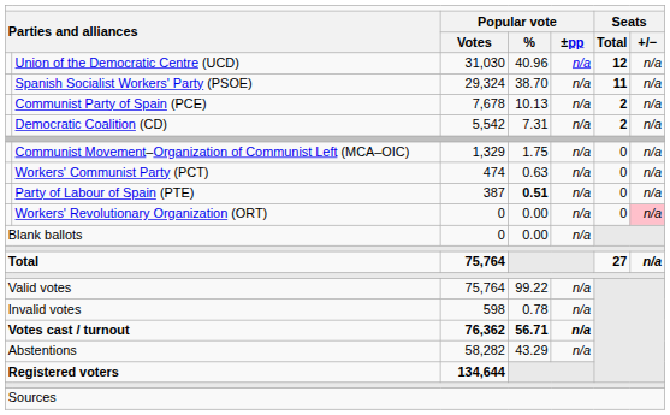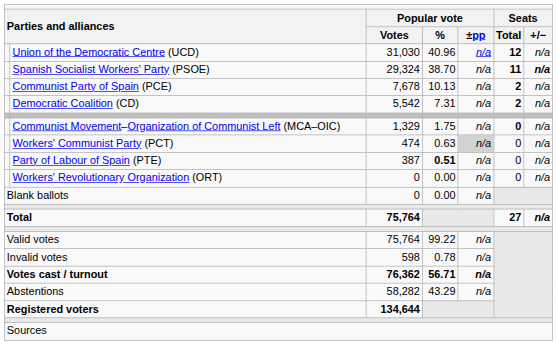 <table class="wikitable" style="text-align:right;">
 <tr>
 <td colspan="7"></td>
 </tr>
 <tr>
 <th style="text-align:left;" rowspan="2" colspan="2" width="525">Parties and alliances</th>
 <th colspan="3">Popular vote</th>
 <th colspan="2">Seats</th>
 </tr>
 <tr>
 <th width="75">Votes</th>
 <th width="45">%</th>
 <th width="45">±<a href='#'>pp</a></th>
 <th width="35">Total</th>
 <th width="35">+/−</th>
 </tr>
 <tr>
 <td width="1" style="color:inherit;background:"></td>
 <td align="left"><a href='#'>Union of the Democratic Centre</a> (UCD)</td>
 <td>31,030</td>
 <td>40.96</td>
 <td><em><a href='#'>n/a</a></em></td>
 <td><strong>12</strong></td>
 <td><em>n/a</em></td>
 </tr>
 <tr>
 <td style="color:inherit;background:"></td>
 <td align="left"><a href='#'>Spanish Socialist Workers' Party</a> (PSOE)</td>
 <td>29,324</td>
 <td>38.70</td>
 <td><em>n/a</em></td>
 <td><strong>11</strong></td>
-<td><em>n/a</em></td>
+<td><strong><em>n/a</em></strong></td>
 </tr>
 <tr>
 <td style="color:inherit;background:"></td>
 <td align="left"><a href='#'>Communist Party of Spain</a> (PCE)</td>
 <td>7,678</td>
 <td>10.13</td>
 <td><em>n/a</em></td>
 <td><strong>2</strong></td>
 <td><em>n/a</em></td>
 </tr>
 <tr>
 <td style="color:inherit;background:"></td>
 <td align="left"><a href='#'>Democratic Coalition</a> (CD)</td>
 <td>5,542</td>
 <td>7.31</td>
 <td><em>n/a</em></td>
 <td><strong>2</strong></td>
 <td><em>n/a</em></td>
 </tr>
 <tr>
 <td colspan="7" bgcolor="#C0C0C0"></td>
 </tr>
 <tr>
 <td style="color:inherit;background:"></td>
 <td align="left"><a href='#'>Communist Movement</a>–<a href='#'>Organization of Communist Left</a> (MCA–OIC)</td>
 <td>1,329</td>
 <td>1.75</td>
 <td><em>n/a</em></td>
-<td>0</td>
+<td><strong>0</strong></td>
 <td><em>n/a</em></td>
 </tr>
 <tr>
 <td style="color:inherit;background:"></td>
 <td align="left"><a href='#'>Workers' Communist Party</a> (PCT)</td>
 <td>474</td>
 <td>0.63</td>
-<td><em>n/a</em></td>
+<td style="background: lightgrey;"><em>n/a</em></td>
 <td>0</td>
 <td><em>n/a</em></td>
 </tr>
 <tr>
 <td style="color:inherit;background:"></td>
 <td align="left"><a href='#'>Party of Labour of Spain</a> (PTE)</td>
 <td>387</td>
 <td><strong>0.51</strong></td>
 <td><em>n/a</em></td>
 <td>0</td>
 <td><em>n/a</em></td>
 </tr>
 <tr>
 <td style="color:inherit;background:"></td>
 <td align="left"><a href='#'>Workers' Revolutionary Organization</a> (ORT)</td>
 <td>0</td>
 <td>0.00</td>
 <td><em>n/a</em></td>
 <td>0</td>
-<td style="background: pink;"><em>n/a</em></td>
+<td><em>n/a</em></td>
 </tr>
 <tr>
 <td align="left" colspan="2">Blank ballots</td>
 <td>0</td>
 <td>0.00</td>
 <td><em>n/a</em></td>
 <td bgcolor="#E9E9E9" colspan="2"></td>
 </tr>
 <tr>
 <td colspan="7" bgcolor="#E9E9E9"></td>
 </tr>
 <tr style="font-weight:bold;">
 <td align="left" colspan="2">Total</td>
 <td>75,764</td>
 <td bgcolor="#E9E9E9" colspan="2"></td>
 <td>27</td>
 <td><em>n/a</em></td>
 </tr>
 <tr>
 <td colspan="7" bgcolor="#E9E9E9"></td>
 </tr>
 <tr>
 <td align="left" colspan="2">Valid votes</td>
 <td>75,764</td>
 <td>99.22</td>
 <td><em>n/a</em></td>
 <td bgcolor="#E9E9E9" colspan="2" rowspan="5"></td>
 </tr>
 <tr>
 <td align="left" colspan="2">Invalid votes</td>
 <td>598</td>
 <td>0.78</td>
 <td><em>n/a</em></td>
 </tr>
 <tr style="font-weight:bold;">
 <td align="left" colspan="2">Votes cast / turnout</td>
 <td>76,362</td>
 <td>56.71</td>
 <td><em>n/a</em></td>
 </tr>
 <tr>
 <td align="left" colspan="2">Abstentions</td>
 <td>58,282</td>
 <td>43.29</td>
 <td><em>n/a</em></td>
 </tr>
 <tr style="font-weight:bold;">
 <td align="left" colspan="2">Registered voters</td>
 <td>134,644</td>
 <td bgcolor="#E9E9E9" colspan="2"></td>
 </tr>
 <tr>
 <td colspan="7" bgcolor="#E9E9E9"></td>
 </tr>
 <tr>
 <td align="left" colspan="7">Sources</td>
 </tr>
 </table>
